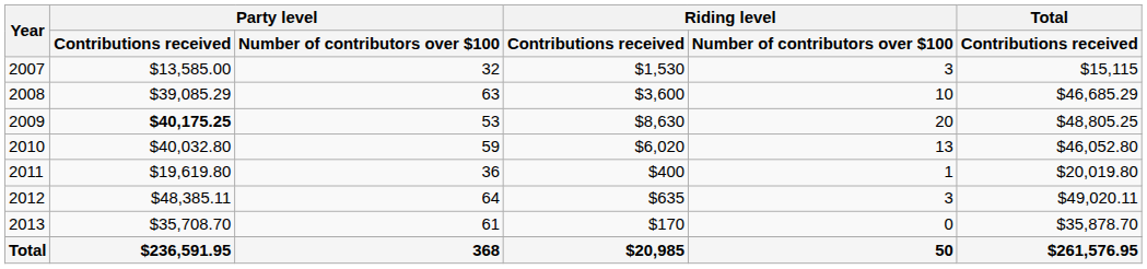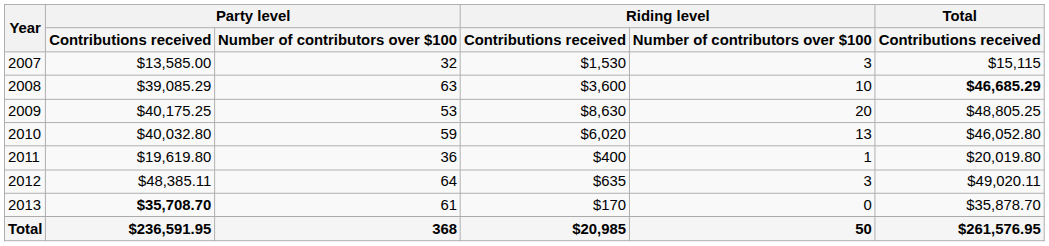 <table class="wikitable" style="border:1px solid #cccccc; text-align: right;" bgcolor="#cccccc">
 <tr style="text-align:center">
 <th rowspan="2"><strong>Year</strong></th>
 <th colspan="2"><strong>Party level</strong></th>
 <th colspan="2"><strong>Riding level</strong></th>
 <th><strong>Total</strong></th>
 </tr>
 <tr style="text-align:center; background:#f5f5f5;">
 <td><strong>Contributions received</strong></td>
 <td><strong>Number of contributors over $100</strong></td>
 <td><strong>Contributions received</strong></td>
 <td><strong>Number of contributors over $100</strong></td>
 <td><strong>Contributions received</strong></td>
 </tr>
 <tr>
 <td align="left">2007</td>
 <td>$13,585.00</td>
 <td>32</td>
 <td>$1,530</td>
 <td>3</td>
 <td>$15,115</td>
 </tr>
 <tr>
 <td align="left">2008</td>
 <td>$39,085.29</td>
 <td>63</td>
 <td>$3,600</td>
 <td>10</td>
-<td>$46,685.29</td>
+<td><strong>$46,685.29</strong></td>
 </tr>
 <tr>
 <td align="left">2009</td>
-<td><strong>$40,175.25</strong></td>
+<td>$40,175.25</td>
 <td>53</td>
 <td>$8,630</td>
 <td>20</td>
 <td>$48,805.25</td>
 </tr>
 <tr>
 <td align="left">2010</td>
 <td>$40,032.80</td>
 <td>59</td>
 <td>$6,020</td>
 <td>13</td>
 <td>$46,052.80</td>
 </tr>
 <tr>
 <td align="left">2011</td>
 <td>$19,619.80</td>
 <td>36</td>
 <td>$400</td>
 <td>1</td>
 <td>$20,019.80</td>
 </tr>
 <tr>
 <td align="left">2012</td>
 <td>$48,385.11</td>
 <td>64</td>
 <td>$635</td>
 <td>3</td>
 <td>$49,020.11</td>
 </tr>
 <tr>
 <td align="left">2013</td>
-<td>$35,708.70</td>
+<td><strong>$35,708.70</strong></td>
 <td>61</td>
 <td>$170</td>
 <td>0</td>
 <td>$35,878.70</td>
 </tr>
 <tr>
 </tr>
 <tr style="background:#f5f5f5;">
 <td style="text-align:left"><strong>Total</strong></td>
 <td><strong>$236,591.95</strong></td>
 <td><strong>368</strong></td>
 <td><strong>$20,985</strong></td>
 <td><strong>50</strong></td>
 <td><strong>$261,576.95</strong></td>
 </tr>
 </table>
